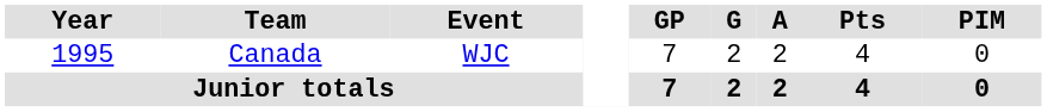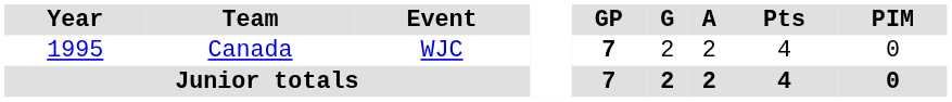 <table border="0" cellpadding="1" cellspacing="0" style="text-align:center; width:40em">
 <tr ALIGN="center" bgcolor="#e0e0e0">
 <th>Year</th>
 <th>Team</th>
 <th>Event</th>
 <th rowspan="99" bgcolor="#ffffff"> </th>
 <th>GP</th>
 <th>G</th>
 <th>A</th>
 <th>Pts</th>
 <th>PIM</th>
 </tr>
 <tr>
 <td><a href='#'>1995</a></td>
 <td><a href='#'>Canada</a></td>
 <td><a href='#'>WJC</a></td>
-<td>7</td>
+<td><strong>7</strong></td>
 <td>2</td>
 <td>2</td>
 <td>4</td>
 <td>0</td>
 </tr>
 <tr bgcolor="#e0e0e0">
 <th colspan=3>Junior totals</th>
 <th>7</th>
 <th>2</th>
 <th>2</th>
 <th>4</th>
 <th>0</th>
 </tr>
 </table>
